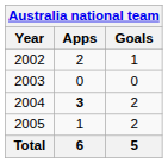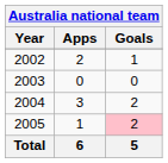 <table class="wikitable" style="text-align:center">
 <tr>
 <th colspan=3><a href='#'>Australia national team</a></th>
 </tr>
 <tr>
 <th>Year</th>
 <th>Apps</th>
 <th>Goals</th>
 </tr>
 <tr>
 </tr>
 <tr>
 <td>2002</td>
 <td>2</td>
 <td>1</td>
 </tr>
 <tr>
 <td>2003</td>
 <td>0</td>
 <td>0</td>
 </tr>
 <tr>
 <td>2004</td>
-<td><strong>3</strong></td>
+<td>3</td>
 <td>2</td>
 </tr>
 <tr>
 <td>2005</td>
 <td>1</td>
-<td>2</td>
+<td style="background: pink;">2</td>
 </tr>
 <tr>
 <th>Total</th>
 <th>6</th>
 <th>5</th>
 </tr>
 </table>
